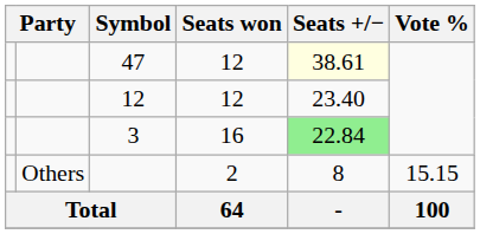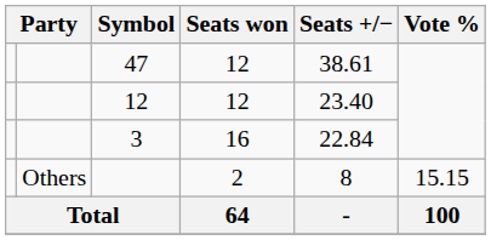 <table class="sortable wikitable" style="text-align:center">
 <tr>
 <th colspan="2">Party</th>
 <th>Symbol</th>
 <th>Seats won</th>
 <th><strong>Seats +/−</strong></th>
 <th>Vote %</th>
 </tr>
 <tr>
 <td></td>
 <td></td>
 <td>47</td>
 <td>12</td>
-<td style="background: lightyellow;">38.61</td>
+<td>38.61</td>
 </tr>
 <tr>
 <td></td>
 <td></td>
 <td>12</td>
 <td>12</td>
 <td>23.40</td>
 </tr>
 <tr>
 <td></td>
 <td></td>
 <td>3</td>
 <td>16</td>
-<td style="background: lightgreen;">22.84</td>
+<td>22.84</td>
 </tr>
 <tr>
 <td bgcolor=></td>
 <td>Others</td>
 <td></td>
 <td>2</td>
 <td>8</td>
 <td>15.15</td>
 </tr>
 <tr>
 <th colspan="3">Total</th>
 <th>64</th>
 <th>-</th>
 <th>100</th>
 </tr>
 <tr>
 </tr>
 </table>
